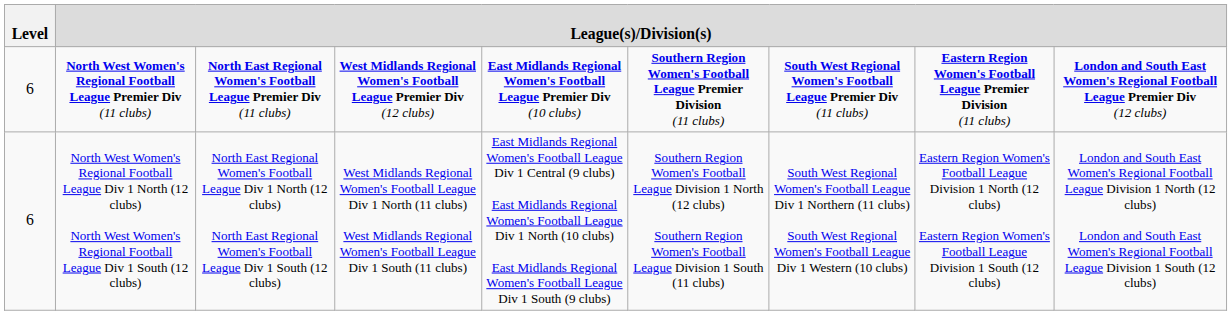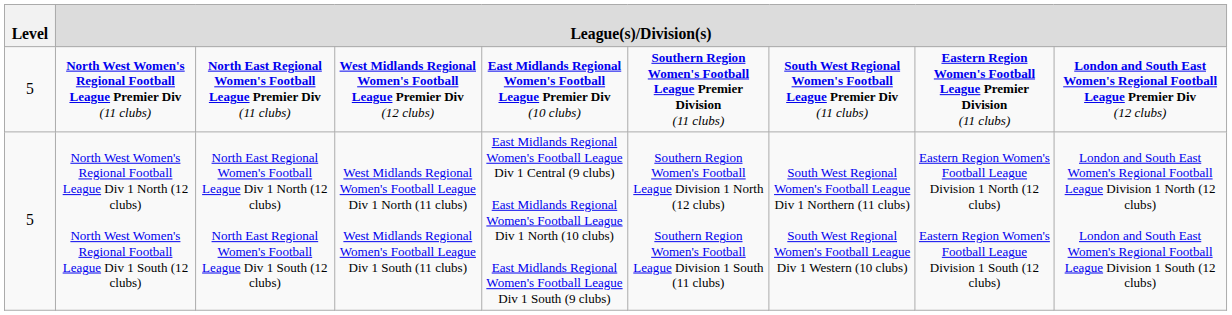 <table class="wikitable" style="text-align: center;">
 <tr>
 <th style="width:4%;"><br>Level</th>
 <th colspan="8" style="width:92%;background-color: Gainsboro"><br>League(s)/Division(s)</th>
 </tr>
 <tr>
-<td>6</td>
+<td>5</td>
 <td colspan="1" style="font-size: smaller;"><strong><a href='#'>North West Women's Regional Football League</a> Premier Div</strong><br><em>(11 clubs)</em></td>
 <td colspan="1" style="font-size: smaller;"><strong><a href='#'>North East Regional Women's Football League</a> Premier Div</strong><br><em>(11 clubs)</em></td>
 <td colspan="1" style="font-size: smaller;"><strong><a href='#'>West Midlands Regional Women's Football League</a> Premier Div</strong><br><em>(12 clubs)</em></td>
 <td colspan="1" style="font-size: smaller;"><strong><a href='#'>East Midlands Regional Women's Football League</a> Premier Div</strong><br><em>(10 clubs)</em></td>
 <td colspan="1" style="font-size: smaller;"><strong><a href='#'>Southern Region Women's Football League</a> Premier Division</strong><br><em>(11 clubs)</em></td>
 <td colspan="1" style="font-size: smaller;"><strong><a href='#'>South West Regional Women's Football League</a> Premier Div</strong><br><em>(11 clubs)</em></td>
 <td colspan="1" style="font-size: smaller;"><strong><a href='#'>Eastern Region Women's Football League</a> Premier Division</strong><br><em>(11 clubs)</em></td>
 <td colspan="1" style="font-size: smaller;"><strong><a href='#'>London and South East Women's Regional Football League</a> Premier Div</strong><br><em>(12 clubs)</em></td>
 </tr>
 <tr>
-<td>6</td>
+<td>5</td>
 <td colspan="1" style="font-size: smaller;"><a href='#'>North West Women's Regional Football League</a> Div 1 North (12 clubs)<br><br><a href='#'>North West Women's Regional Football League</a> Div 1 South (12 clubs)</td>
 <td colspan="1" style="font-size: smaller;"><a href='#'>North East Regional Women's Football League</a> Div 1 North (12 clubs)<br><br><a href='#'>North East Regional Women's Football League</a> Div 1 South (12 clubs)</td>
 <td colspan="1" style="font-size: smaller;"><a href='#'>West Midlands Regional Women's Football League</a> Div 1 North (11 clubs)<br><br><a href='#'>West Midlands Regional Women's Football League</a> Div 1 South (11 clubs)</td>
 <td colspan="1" style="font-size: smaller;"><a href='#'>East Midlands Regional Women's Football League</a> Div 1 Central (9 clubs)<br><br><a href='#'>East Midlands Regional Women's Football League</a> Div 1 North (10 clubs)<br><br><a href='#'>East Midlands Regional Women's Football League</a> Div 1 South (9 clubs)</td>
 <td colspan="1" style="font-size: smaller;"><a href='#'>Southern Region Women's Football League</a> Division 1 North (12 clubs)<br><br><a href='#'>Southern Region Women's Football League</a> Division 1 South (11 clubs)</td>
 <td colspan="1" style="font-size: smaller;"><a href='#'>South West Regional Women's Football League</a> Div 1 Northern (11 clubs)<br><br><a href='#'>South West Regional Women's Football League</a> Div 1 Western (10 clubs)</td>
 <td colspan="1" style="font-size: smaller;"><a href='#'>Eastern Region Women's Football League</a> Division 1 North (12 clubs)<br><br><a href='#'>Eastern Region Women's Football League</a> Division 1 South (12 clubs)</td>
 <td colspan="1" style="font-size: smaller;"><a href='#'>London and South East Women's Regional Football League</a> Division 1 North (12 clubs)<br><br><a href='#'>London and South East Women's Regional Football League</a> Division 1 South (12 clubs)</td>
 </tr>
 </table>
